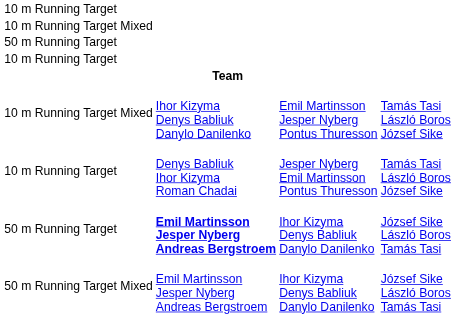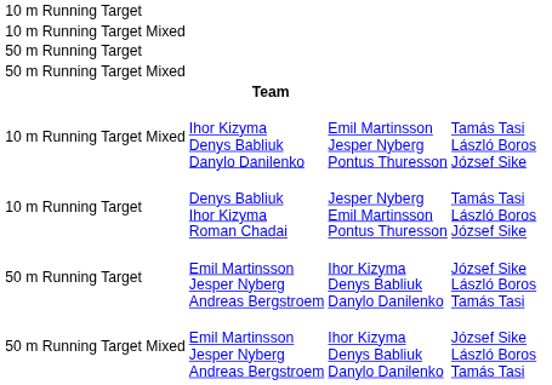 <table>
 <tr>
 <td>10 m Running Target</td>
 <td></td>
 <td></td>
 <td></td>
 </tr>
 <tr>
 <td>10 m Running Target Mixed</td>
 <td></td>
 <td></td>
 <td></td>
 </tr>
 <tr>
 <td>50 m Running Target</td>
 <td></td>
 <td></td>
 <td></td>
 </tr>
 <tr>
-<td>10 m Running Target</td>
+<td>50 m Running Target Mixed</td>
 <td></td>
 <td></td>
 <td></td>
 </tr>
 <tr>
 <th colspan=4>Team</th>
 </tr>
 <tr>
 <td>10 m Running Target Mixed</td>
 <td><br><a href='#'>Ihor Kizyma</a><br><a href='#'>Denys Babliuk</a><br><a href='#'>Danylo Danilenko</a></td>
 <td><br><a href='#'>Emil Martinsson</a><br><a href='#'>Jesper Nyberg</a><br><a href='#'>Pontus Thuresson</a></td>
 <td><br><a href='#'>Tamás Tasi</a><br><a href='#'>László Boros</a><br><a href='#'>József Sike</a></td>
 </tr>
 <tr>
 <td>10 m Running Target</td>
 <td><br><a href='#'>Denys Babliuk</a><br><a href='#'>Ihor Kizyma</a><br><a href='#'>Roman Chadai</a></td>
 <td><br><a href='#'>Jesper Nyberg</a><br><a href='#'>Emil Martinsson</a><br><a href='#'>Pontus Thuresson</a></td>
 <td><br><a href='#'>Tamás Tasi</a><br><a href='#'>László Boros</a><br><a href='#'>József Sike</a></td>
 </tr>
 <tr>
 <td>50 m Running Target</td>
-<td><strong><br><a href='#'>Emil Martinsson</a><br><a href='#'>Jesper Nyberg</a><br><a href='#'>Andreas Bergstroem</a></strong></td>
+<td><br><a href='#'>Emil Martinsson</a><br><a href='#'>Jesper Nyberg</a><br><a href='#'>Andreas Bergstroem</a></td>
 <td><br><a href='#'>Ihor Kizyma</a><br><a href='#'>Denys Babliuk</a><br><a href='#'>Danylo Danilenko</a></td>
 <td><br><a href='#'>József Sike</a><br><a href='#'>László Boros</a><br><a href='#'>Tamás Tasi</a></td>
 </tr>
 <tr>
 <td>50 m Running Target Mixed</td>
 <td><br><a href='#'>Emil Martinsson</a><br><a href='#'>Jesper Nyberg</a><br><a href='#'>Andreas Bergstroem</a></td>
 <td><br><a href='#'>Ihor Kizyma</a><br><a href='#'>Denys Babliuk</a><br><a href='#'>Danylo Danilenko</a></td>
 <td><br><a href='#'>József Sike</a><br><a href='#'>László Boros</a><br><a href='#'>Tamás Tasi</a></td>
 </tr>
 </table>
